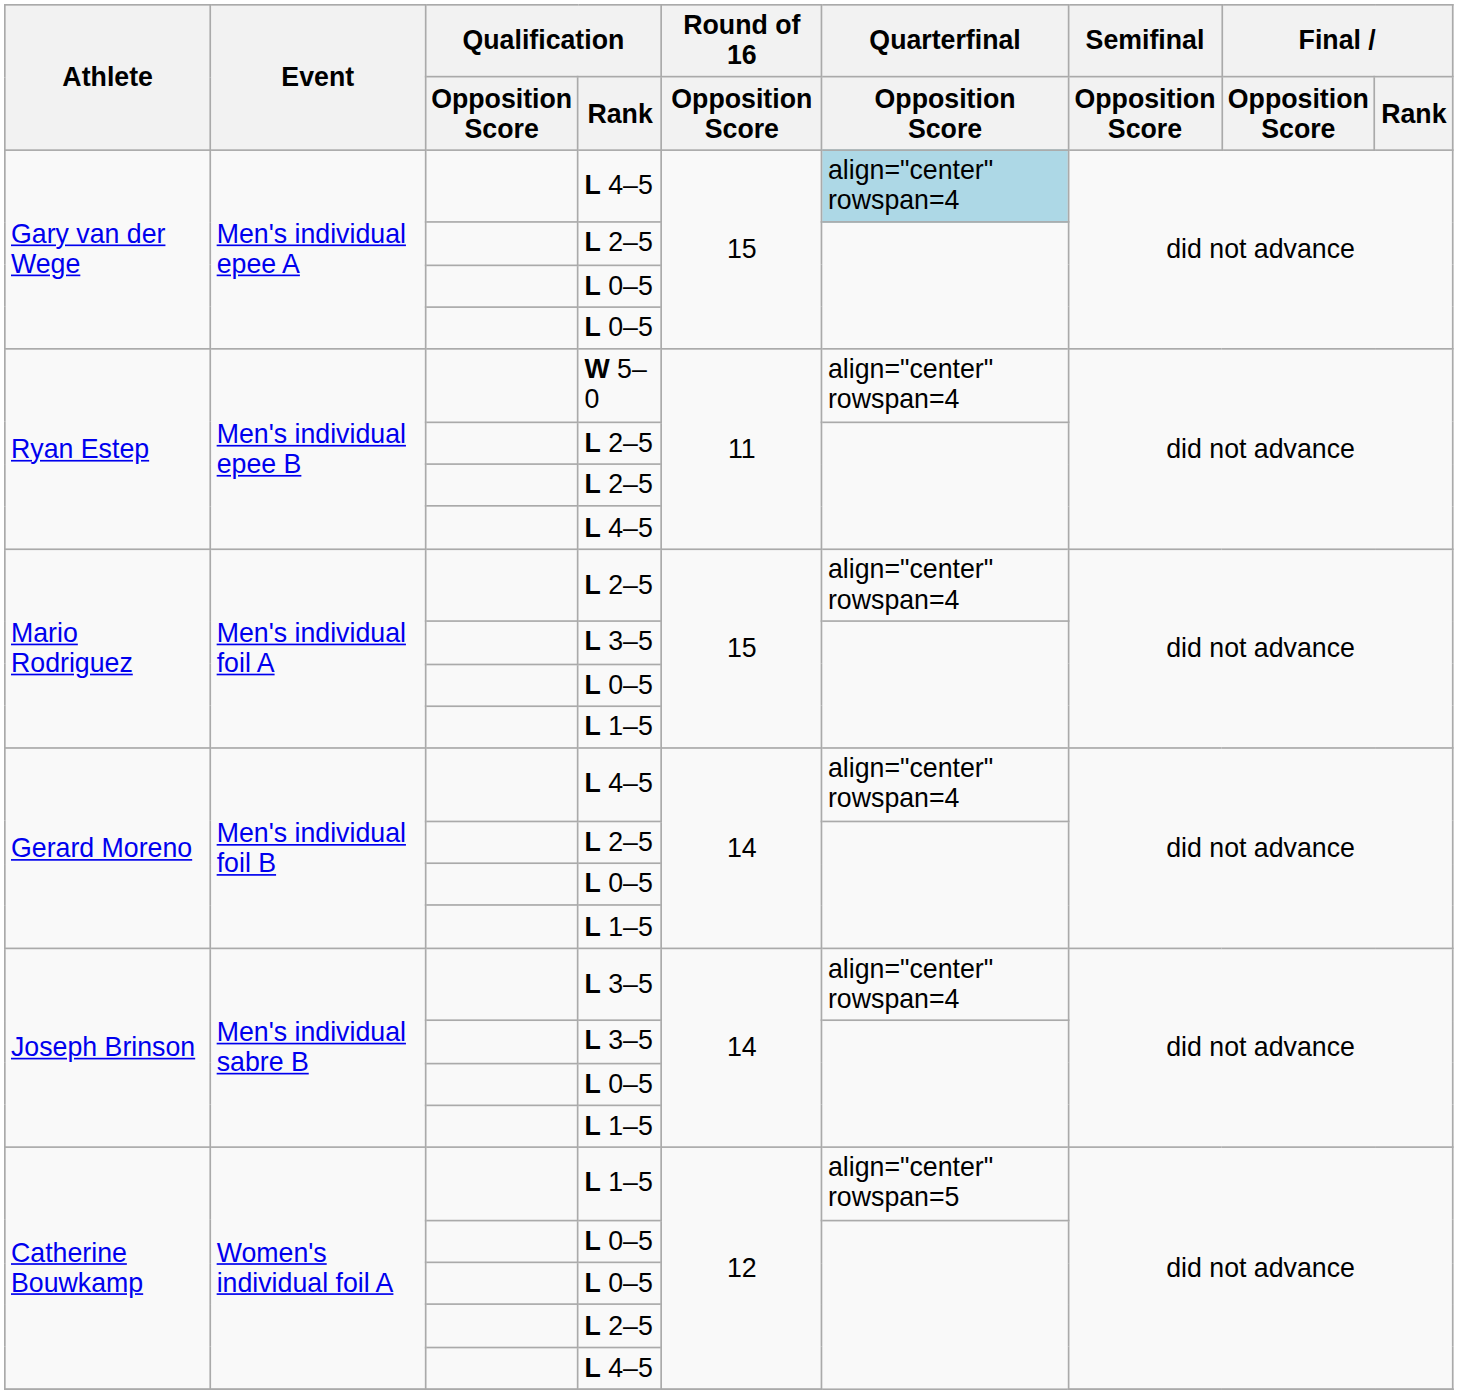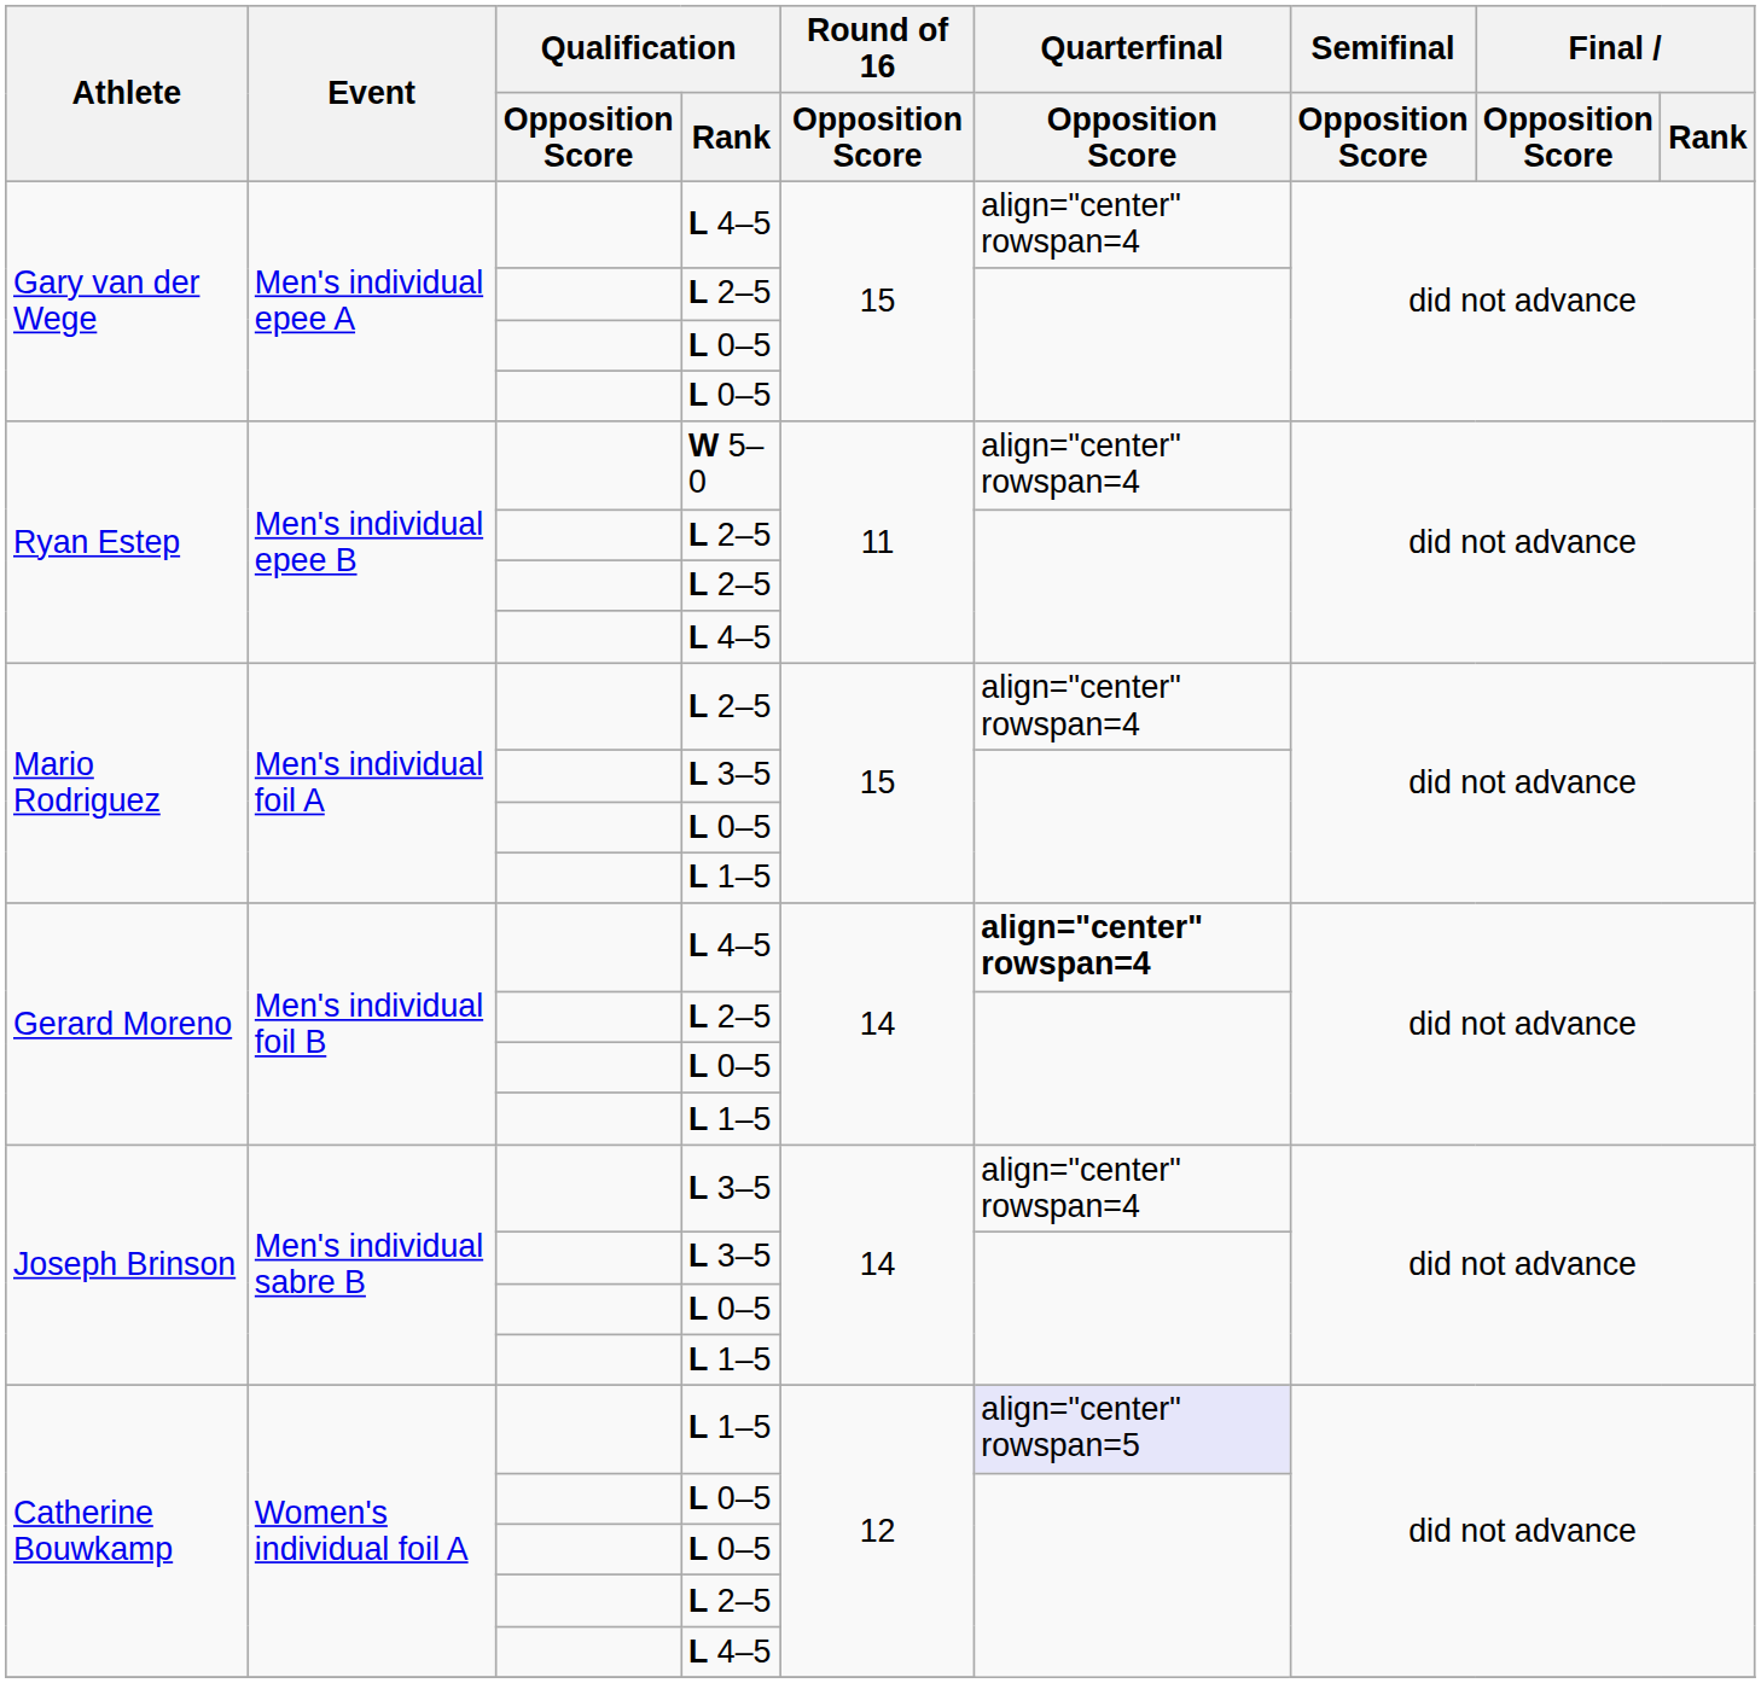 <table class=wikitable>
 <tr>
 <th rowspan="2">Athlete</th>
 <th rowspan="2">Event</th>
 <th colspan="2">Qualification</th>
 <th>Round of 16</th>
 <th>Quarterfinal</th>
 <th>Semifinal</th>
 <th colspan="2">Final / </th>
 </tr>
 <tr>
 <th>Opposition<br>Score</th>
 <th>Rank</th>
 <th>Opposition<br>Score</th>
 <th>Opposition<br>Score</th>
 <th>Opposition<br>Score</th>
 <th>Opposition<br>Score</th>
 <th>Rank</th>
 </tr>
 <tr>
 <td rowspan=4><a href='#'>Gary van der Wege</a></td>
 <td rowspan=4><a href='#'>Men's individual epee A</a></td>
 <td></td>
 <td><strong>L</strong> 4–5</td>
 <td align="center" rowspan=4>15</td>
-<td style="background: lightblue;">align="center" rowspan=4 </td>
+<td>align="center" rowspan=4 </td>
 <td align="center" rowspan=4 colspan=4>did not advance</td>
 </tr>
 <tr>
 <td></td>
 <td><strong>L</strong> 2–5</td>
 </tr>
 <tr>
 <td></td>
 <td><strong>L</strong> 0–5</td>
 </tr>
 <tr>
 <td></td>
 <td><strong>L</strong> 0–5</td>
 </tr>
 <tr>
 <td rowspan=4><a href='#'>Ryan Estep</a></td>
 <td rowspan=4><a href='#'>Men's individual epee B</a></td>
 <td></td>
 <td><strong>W</strong> 5–0</td>
 <td align="center" rowspan=4>11</td>
 <td>align="center" rowspan=4 </td>
 <td align="center" rowspan=4 colspan=4>did not advance</td>
 </tr>
 <tr>
 <td></td>
 <td><strong>L</strong> 2–5</td>
 </tr>
 <tr>
 <td></td>
 <td><strong>L</strong> 2–5</td>
 </tr>
 <tr>
 <td></td>
 <td><strong>L</strong> 4–5</td>
 </tr>
 <tr>
 <td rowspan=4><a href='#'>Mario Rodriguez</a></td>
 <td rowspan=4><a href='#'>Men's individual foil A</a></td>
 <td></td>
 <td><strong>L</strong> 2–5</td>
 <td align="center" rowspan=4>15</td>
 <td>align="center" rowspan=4 </td>
 <td align="center" rowspan=4 colspan=4>did not advance</td>
 </tr>
 <tr>
 <td></td>
 <td><strong>L</strong> 3–5</td>
 </tr>
 <tr>
 <td></td>
 <td><strong>L</strong> 0–5</td>
 </tr>
 <tr>
 <td></td>
 <td><strong>L</strong> 1–5</td>
 </tr>
 <tr>
 <td rowspan=4><a href='#'>Gerard Moreno</a></td>
 <td rowspan=4><a href='#'>Men's individual foil B</a></td>
 <td></td>
 <td><strong>L</strong> 4–5</td>
 <td align="center" rowspan=4>14</td>
-<td>align="center" rowspan=4 </td>
+<td><strong>align="center" rowspan=4 </strong></td>
 <td align="center" rowspan=4 colspan=4>did not advance</td>
 </tr>
 <tr>
 <td></td>
 <td><strong>L</strong> 2–5</td>
 </tr>
 <tr>
 <td></td>
 <td><strong>L</strong> 0–5</td>
 </tr>
 <tr>
 <td></td>
 <td><strong>L</strong> 1–5</td>
 </tr>
 <tr>
 <td rowspan=4><a href='#'>Joseph Brinson</a></td>
 <td rowspan=4><a href='#'>Men's individual sabre B</a></td>
 <td></td>
 <td><strong>L</strong> 3–5</td>
 <td align="center" rowspan=4>14</td>
 <td>align="center" rowspan=4 </td>
 <td align="center" rowspan=4 colspan=4>did not advance</td>
 </tr>
 <tr>
 <td></td>
 <td><strong>L</strong> 3–5</td>
 </tr>
 <tr>
 <td></td>
 <td><strong>L</strong> 0–5</td>
 </tr>
 <tr>
 <td></td>
 <td><strong>L</strong> 1–5</td>
 </tr>
 <tr>
 <td rowspan=5><a href='#'>Catherine Bouwkamp</a></td>
 <td rowspan=5><a href='#'>Women's individual foil A</a></td>
 <td></td>
 <td><strong>L</strong> 1–5</td>
 <td align="center" rowspan=5>12</td>
-<td>align="center" rowspan=5 </td>
+<td style="background: lavender;">align="center" rowspan=5 </td>
 <td align="center" rowspan=5 colspan=4>did not advance</td>
 </tr>
 <tr>
 <td></td>
 <td><strong>L</strong> 0–5</td>
 </tr>
 <tr>
 <td></td>
 <td><strong>L</strong> 0–5</td>
 </tr>
 <tr>
 <td></td>
 <td><strong>L</strong> 2–5</td>
 </tr>
 <tr>
 <td></td>
 <td><strong>L</strong> 4–5</td>
 </tr>
 <tr>
 </tr>
 </table>
